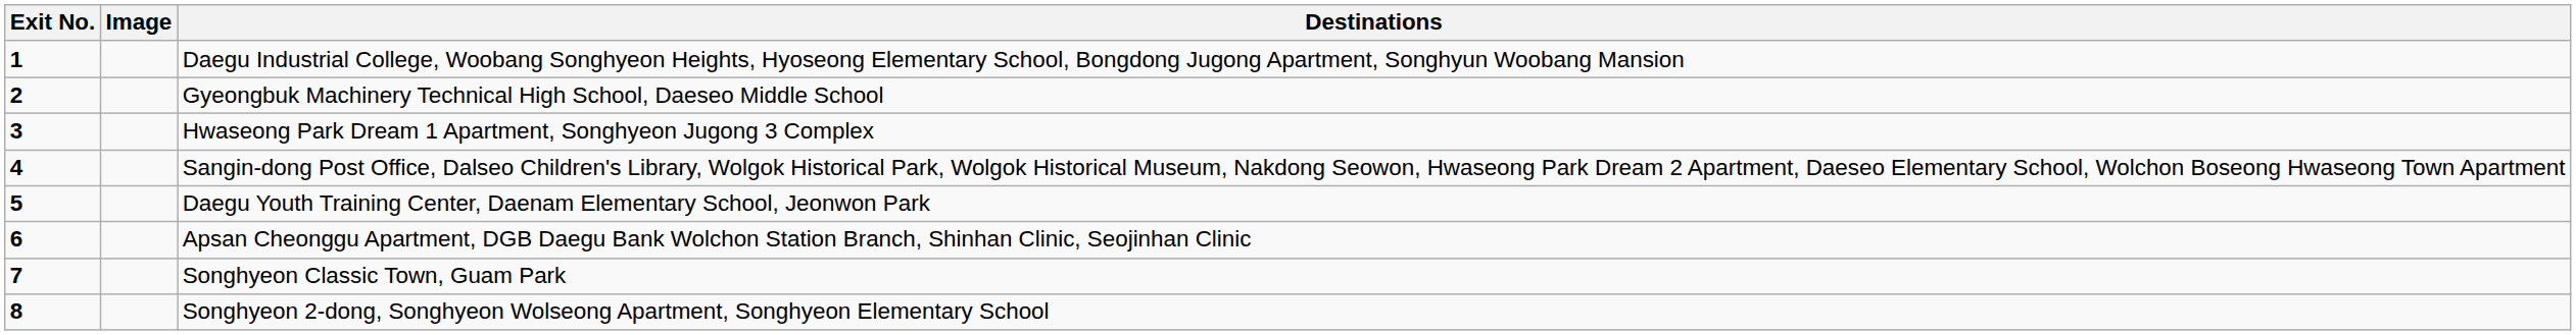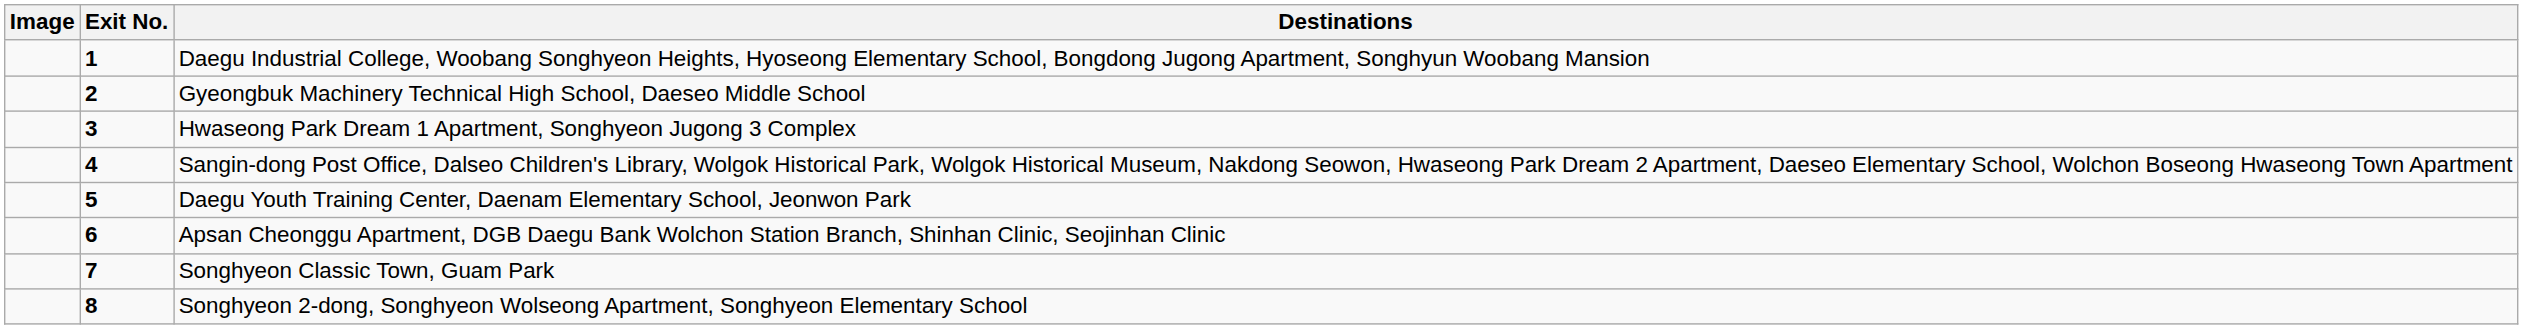 <table class="wikitable">
 <tr>
+<th>Image</th>
 <th>Exit No.</th>
-<th>Image</th>
 <th>Destinations</th>
 </tr>
 <tr>
+<td></td>
 <td><div><span><strong>1</strong></span></div></td>
-<td></td>
 <td>Daegu Industrial College, Woobang Songhyeon Heights, Hyoseong Elementary School, Bongdong Jugong Apartment, Songhyun Woobang Mansion</td>
 </tr>
 <tr>
+<td></td>
 <td><div><span><strong>2</strong></span></div></td>
-<td></td>
 <td>Gyeongbuk Machinery Technical High School, Daeseo Middle School</td>
 </tr>
 <tr>
+<td></td>
 <td><div><span><strong>3</strong></span></div></td>
-<td></td>
 <td>Hwaseong Park Dream 1 Apartment, Songhyeon Jugong 3 Complex</td>
 </tr>
 <tr>
+<td></td>
 <td><div><span><strong>4</strong></span></div></td>
-<td></td>
 <td>Sangin-dong Post Office, Dalseo Children's Library, Wolgok Historical Park, Wolgok Historical Museum, Nakdong Seowon, Hwaseong Park Dream 2 Apartment, Daeseo Elementary School, Wolchon Boseong Hwaseong Town Apartment</td>
 </tr>
 <tr>
+<td></td>
 <td><div><span><strong>5</strong></span></div></td>
-<td></td>
 <td>Daegu Youth Training Center, Daenam Elementary School, Jeonwon Park</td>
 </tr>
 <tr>
+<td></td>
 <td><div><span><strong>6</strong></span></div></td>
-<td></td>
 <td>Apsan Cheonggu Apartment, DGB Daegu Bank Wolchon Station Branch, Shinhan Clinic, Seojinhan Clinic</td>
 </tr>
 <tr>
+<td></td>
 <td><div><span><strong>7</strong></span></div></td>
-<td></td>
 <td>Songhyeon Classic Town, Guam Park</td>
 </tr>
 <tr>
+<td></td>
 <td><div><span><strong>8</strong></span></div></td>
-<td></td>
 <td>Songhyeon 2-dong, Songhyeon Wolseong Apartment, Songhyeon Elementary School</td>
 </tr>
 </table>
